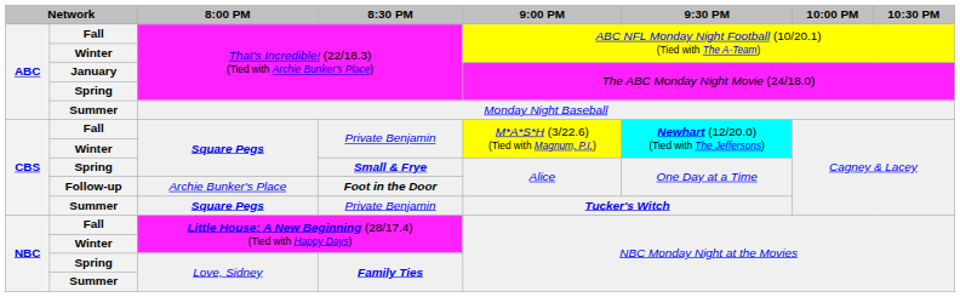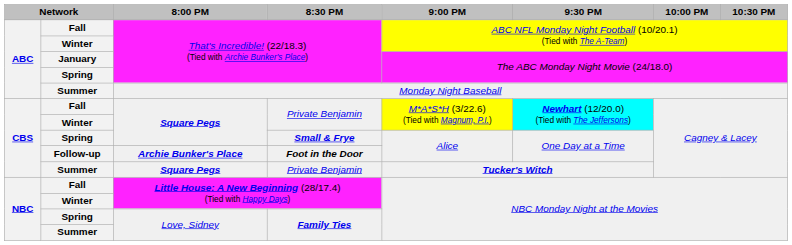 <table class="wikitable plainrowheaders" style="width:100%; margin:auto; text-align:center;">
 <tr>
 <th colspan="2" style="background-color:#C0C0C0;text-align:center">Network</th>
 <th style="background-color:#C0C0C0;text-align:center">8:00 PM</th>
 <th style="background-color:#C0C0C0;text-align:center">8:30 PM</th>
 <th style="background-color:#C0C0C0;text-align:center">9:00 PM</th>
 <th style="background-color:#C0C0C0;text-align:center">9:30 PM</th>
 <th style="background-color:#C0C0C0;text-align:center">10:00 PM</th>
 <th style="background-color:#C0C0C0;text-align:center">10:30 PM</th>
 </tr>
 <tr>
 <th bgcolor="#C0C0C0" rowspan="5"><a href='#'>ABC</a></th>
 <th>Fall</th>
 <td bgcolor="#FF22FF" colspan="2" rowspan="4"><em><a href='#'>That's Incredible!</a></em> (22/18.3)<br><small>(Tied with <em><a href='#'>Archie Bunker's Place</a></em>)</small></td>
 <td bgcolor="#FFFF00" colspan="4" rowspan="2"><em><a href='#'>ABC NFL Monday Night Football</a></em> (10/20.1)<br><small>(Tied with <em><a href='#'>The A-Team</a></em>)</small></td>
 </tr>
 <tr>
 <th>Winter</th>
 </tr>
 <tr>
 <th>January</th>
 <td bgcolor="#FF22FF" colspan="4" rowspan="2"><em>The ABC Monday Night Movie</em> (24/18.0)</td>
 </tr>
 <tr>
 <th>Spring</th>
 </tr>
 <tr>
 <th>Summer</th>
 <td bgcolor="#F0F0F0" colspan="6"><em><a href='#'>Monday Night Baseball</a></em></td>
 </tr>
 <tr>
 <th bgcolor="#C0C0C0" rowspan="5"><a href='#'>CBS</a></th>
 <th>Fall</th>
 <td bgcolor="#F0F0F0" rowspan="3"><strong><em><a href='#'>Square Pegs</a></em></strong></td>
 <td bgcolor="#F0F0F0" rowspan="2"><em><a href='#'>Private Benjamin</a></em></td>
 <td bgcolor="#FFFF00" rowspan="2"><em><a href='#'>M*A*S*H</a></em> (3/22.6)<br><small>(Tied with <em><a href='#'>Magnum, P.I.</a></em>)</small></td>
 <td bgcolor="#00FFFF" rowspan="2"><strong><em><a href='#'>Newhart</a></em></strong> (12/20.0)<br><small>(Tied with <em><a href='#'>The Jeffersons</a></em>)</small></td>
 <td bgcolor="#F0F0F0" colspan="2" rowspan="5"><em><a href='#'>Cagney & Lacey</a></em></td>
 </tr>
 <tr>
 <th>Winter</th>
 </tr>
 <tr>
 <th>Spring</th>
 <td bgcolor="#F0F0F0"><strong><em><a href='#'>Small & Frye</a></em></strong></td>
 <td bgcolor="#F0F0F0" rowspan="2"><em><a href='#'>Alice</a></em></td>
 <td bgcolor="#F0F0F0" rowspan="2"><em><a href='#'>One Day at a Time</a></em></td>
 </tr>
 <tr>
 <th>Follow-up</th>
-<td bgcolor="#F0F0F0"><em><a href='#'>Archie Bunker's Place</a></em></td>
+<td bgcolor="#F0F0F0"><strong><em><a href='#'>Archie Bunker's Place</a></em></strong></td>
 <td bgcolor="#F0F0F0"><strong><em>Foot in the Door</em></strong></td>
 </tr>
 <tr>
 <th>Summer</th>
 <td bgcolor="#F0F0F0"><strong><em><a href='#'>Square Pegs</a></em></strong></td>
 <td bgcolor="#F0F0F0"><em><a href='#'>Private Benjamin</a></em></td>
 <td bgcolor="#F0F0F0" colspan="2"><strong><em><a href='#'>Tucker's Witch</a></em></strong></td>
 </tr>
 <tr>
 <th bgcolor="#C0C0C0" rowspan="4"><a href='#'>NBC</a></th>
 <th>Fall</th>
 <td bgcolor="#FF22FF" colspan="2" rowspan="2"><strong><em><a href='#'>Little House: A New Beginning</a></em></strong> (28/17.4)<br><small>(Tied with <em><a href='#'>Happy Days</a></em>)</small></td>
 <td bgcolor="#F0F0F0" rowspan="4" colspan="4"><em><a href='#'>NBC Monday Night at the Movies</a></em></td>
 </tr>
 <tr>
 <th>Winter</th>
 </tr>
 <tr>
 <th>Spring</th>
 <td bgcolor="#F0F0F0" rowspan="2"><em><a href='#'>Love, Sidney</a></em></td>
 <td bgcolor="#F0F0F0" rowspan="2"><strong><em><a href='#'>Family Ties</a></em></strong></td>
 </tr>
 <tr>
 <th>Summer</th>
 </tr>
 </table>
